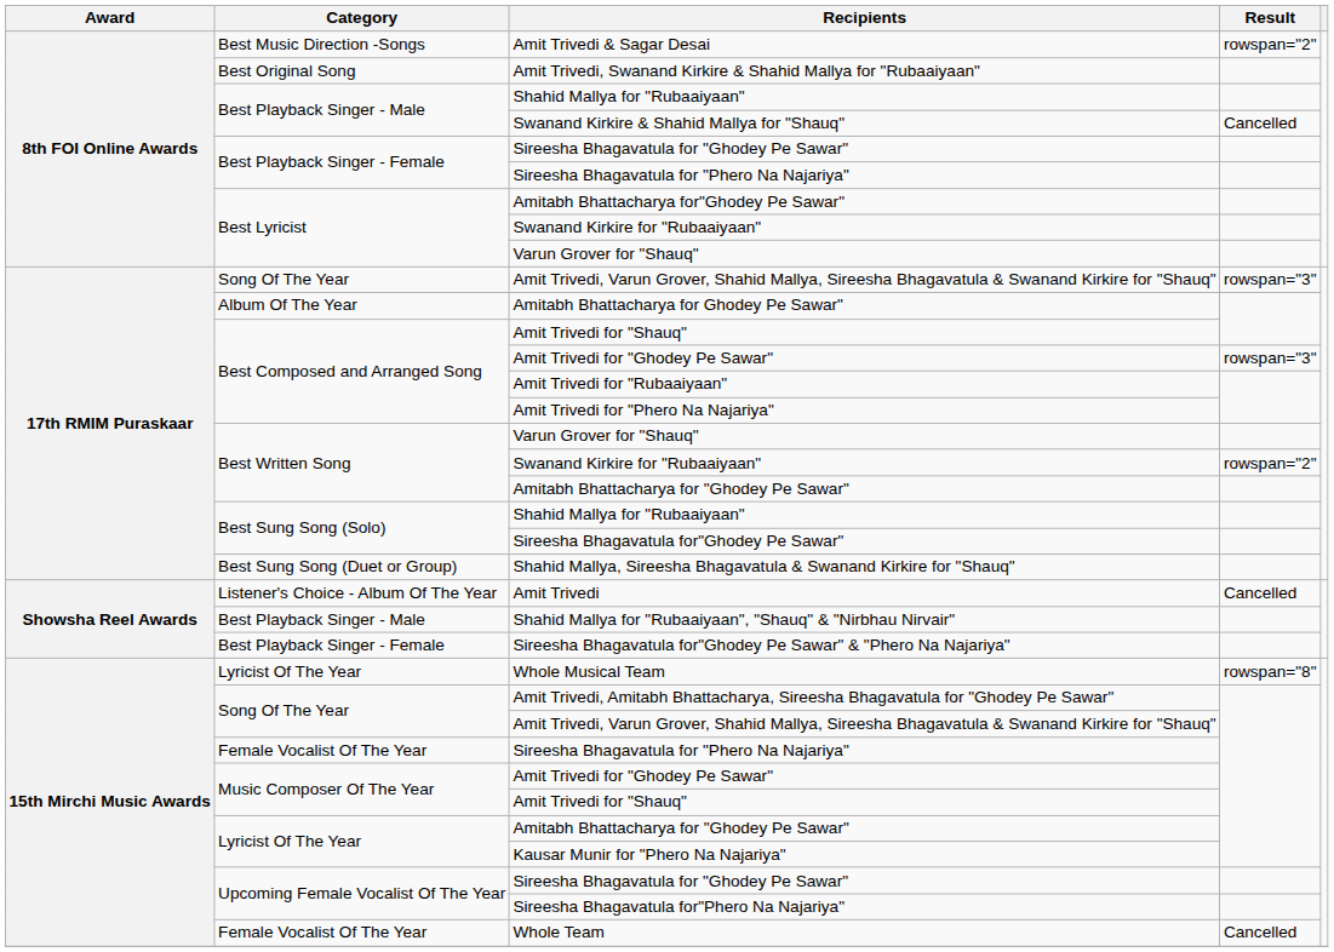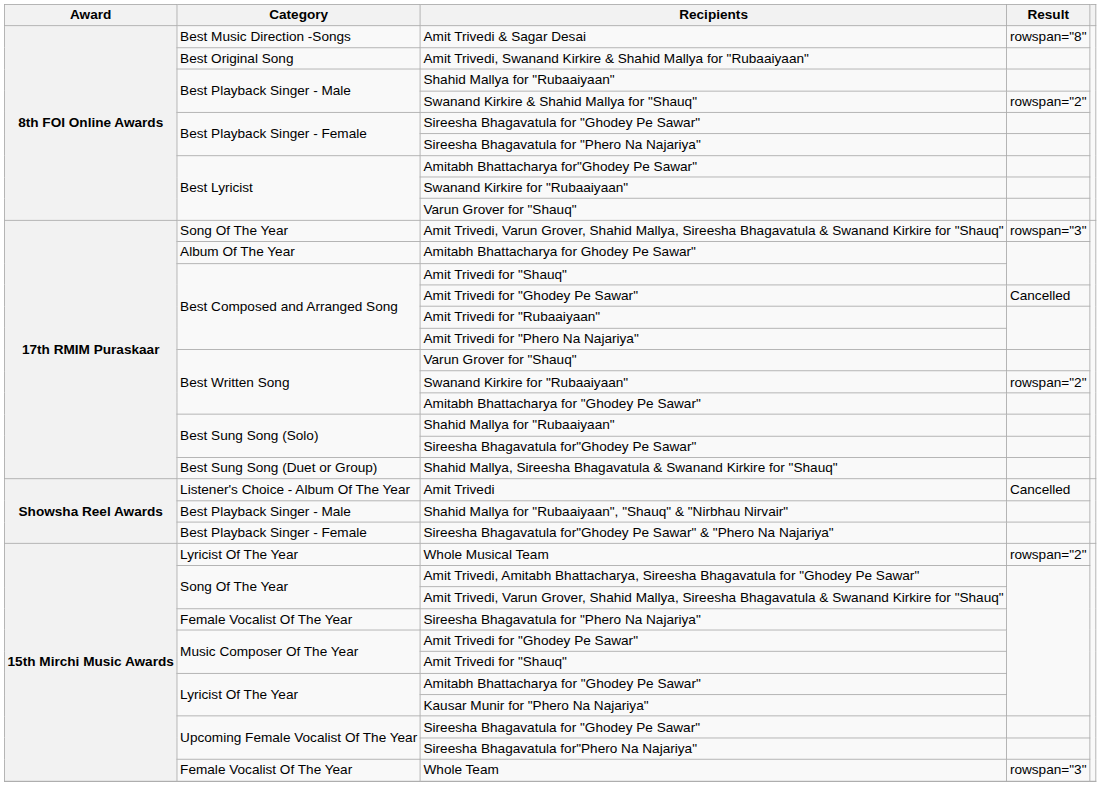 <table class="wikitable plainrowheaders sortable">
 <tr>
 <th scope="col">Award</th>
 <th scope="col">Category</th>
 <th scope="col">Recipients</th>
 <th scope="col">Result</th>
 <th scope="col" class="unsortable"></th>
 </tr>
 <tr>
 <th scope="row" rowspan="9">8th FOI Online Awards</th>
 <td>Best Music Direction -Songs</td>
 <td>Amit Trivedi & Sagar Desai</td>
-<td>rowspan="2" </td>
+<td>rowspan="8" </td>
 <td rowspan="9"></td>
 </tr>
 <tr>
 <td>Best Original Song</td>
 <td>Amit Trivedi, Swanand Kirkire & Shahid Mallya for "Rubaaiyaan"</td>
 </tr>
 <tr>
 <td rowspan="2">Best Playback Singer - Male</td>
 <td>Shahid Mallya for "Rubaaiyaan"</td>
 <td></td>
 </tr>
 <tr>
 <td>Swanand Kirkire & Shahid Mallya for "Shauq"</td>
-<td>Cancelled</td>
+<td>rowspan="2" </td>
 </tr>
 <tr>
 <td rowspan="2">Best Playback Singer - Female</td>
 <td>Sireesha Bhagavatula for "Ghodey Pe Sawar"</td>
 </tr>
 <tr>
 <td>Sireesha Bhagavatula for "Phero Na Najariya"</td>
 <td></td>
 </tr>
 <tr>
 <td rowspan="3">Best Lyricist</td>
 <td>Amitabh Bhattacharya for"Ghodey Pe Sawar"</td>
 <td></td>
 </tr>
 <tr>
 <td>Swanand Kirkire for "Rubaaiyaan"</td>
 <td></td>
 </tr>
 <tr>
 <td>Varun Grover for "Shauq"</td>
 <td></td>
 </tr>
 <tr>
 <th scope="row" rowspan="12">17th RMIM Puraskaar</th>
 <td>Song Of The Year</td>
 <td>Amit Trivedi, Varun Grover, Shahid Mallya, Sireesha Bhagavatula & Swanand Kirkire for "Shauq"</td>
 <td>rowspan="3" </td>
 <td rowspan="12"></td>
 </tr>
 <tr>
 <td>Album Of The Year</td>
 <td>Amitabh Bhattacharya for Ghodey Pe Sawar"</td>
 </tr>
 <tr>
 <td rowspan="4">Best Composed and Arranged Song</td>
 <td>Amit Trivedi for "Shauq"</td>
 </tr>
 <tr>
 <td>Amit Trivedi for "Ghodey Pe Sawar"</td>
-<td>rowspan="3" </td>
+<td>Cancelled</td>
 </tr>
 <tr>
 <td>Amit Trivedi for "Rubaaiyaan"</td>
 </tr>
 <tr>
 <td>Amit Trivedi for "Phero Na Najariya"</td>
 </tr>
 <tr>
 <td rowspan="3">Best Written Song</td>
 <td>Varun Grover for "Shauq"</td>
 <td></td>
 </tr>
 <tr>
 <td>Swanand Kirkire for "Rubaaiyaan"</td>
 <td>rowspan="2" </td>
 </tr>
 <tr>
 <td>Amitabh Bhattacharya for "Ghodey Pe Sawar"</td>
 </tr>
 <tr>
 <td rowspan="2">Best Sung Song (Solo)</td>
 <td>Shahid Mallya for "Rubaaiyaan"</td>
 <td></td>
 </tr>
 <tr>
 <td>Sireesha Bhagavatula for"Ghodey Pe Sawar"</td>
 <td></td>
 </tr>
 <tr>
 <td>Best Sung Song (Duet or Group)</td>
 <td>Shahid Mallya, Sireesha Bhagavatula & Swanand Kirkire for "Shauq"</td>
 <td></td>
 </tr>
 <tr>
 <th scope="row" rowspan="3">Showsha Reel Awards</th>
 <td>Listener's Choice - Album Of The Year</td>
 <td>Amit Trivedi</td>
 <td>Cancelled</td>
 <td rowspan="3"></td>
 </tr>
 <tr>
 <td>Best Playback Singer - Male</td>
 <td>Shahid Mallya for "Rubaaiyaan", "Shauq" & "Nirbhau Nirvair"</td>
 </tr>
 <tr>
 <td>Best Playback Singer - Female</td>
 <td>Sireesha Bhagavatula for"Ghodey Pe Sawar" & "Phero Na Najariya"</td>
 <td></td>
 </tr>
 <tr>
 <th scope="row" rowspan="11">15th Mirchi Music Awards</th>
 <td>Lyricist Of The Year</td>
 <td>Whole Musical Team</td>
-<td>rowspan="8" </td>
+<td>rowspan="2" </td>
 <td rowspan="11"></td>
 </tr>
 <tr>
 <td rowspan="2">Song Of The Year</td>
 <td>Amit Trivedi, Amitabh Bhattacharya, Sireesha Bhagavatula for "Ghodey Pe Sawar"</td>
 </tr>
 <tr>
 <td>Amit Trivedi, Varun Grover, Shahid Mallya, Sireesha Bhagavatula & Swanand Kirkire for "Shauq"</td>
 </tr>
 <tr>
 <td>Female Vocalist Of The Year</td>
 <td>Sireesha Bhagavatula for "Phero Na Najariya"</td>
 </tr>
 <tr>
 <td rowspan="2">Music Composer Of The Year</td>
 <td>Amit Trivedi for "Ghodey Pe Sawar"</td>
 </tr>
 <tr>
 <td>Amit Trivedi for "Shauq"</td>
 </tr>
 <tr>
 <td rowspan="2">Lyricist Of The Year</td>
 <td>Amitabh Bhattacharya for "Ghodey Pe Sawar"</td>
 </tr>
 <tr>
 <td>Kausar Munir for "Phero Na Najariya"</td>
 </tr>
 <tr>
 <td rowspan="2">Upcoming Female Vocalist Of The Year</td>
 <td>Sireesha Bhagavatula for "Ghodey Pe Sawar"</td>
 <td></td>
 </tr>
 <tr>
 <td>Sireesha Bhagavatula for"Phero Na Najariya"</td>
 <td></td>
 </tr>
 <tr>
 <td>Female Vocalist Of The Year</td>
 <td>Whole Team</td>
-<td>Cancelled</td>
+<td>rowspan="3" </td>
 </tr>
 <tr>
 </tr>
 </table>
